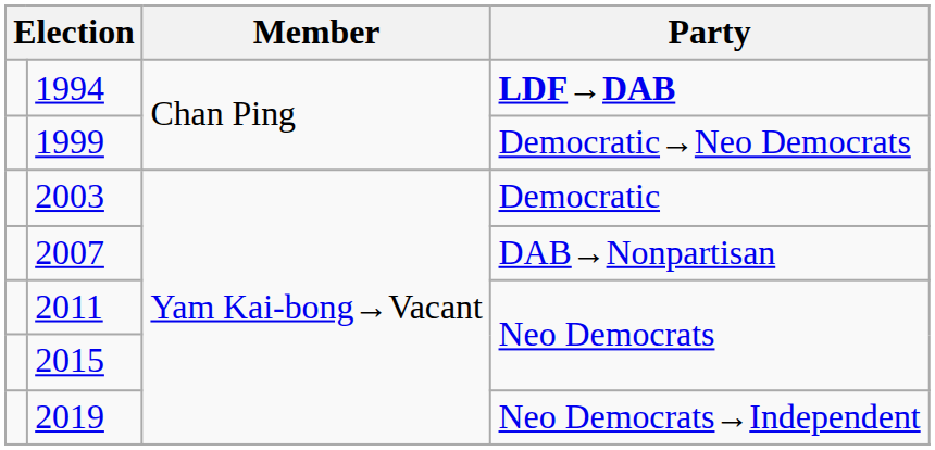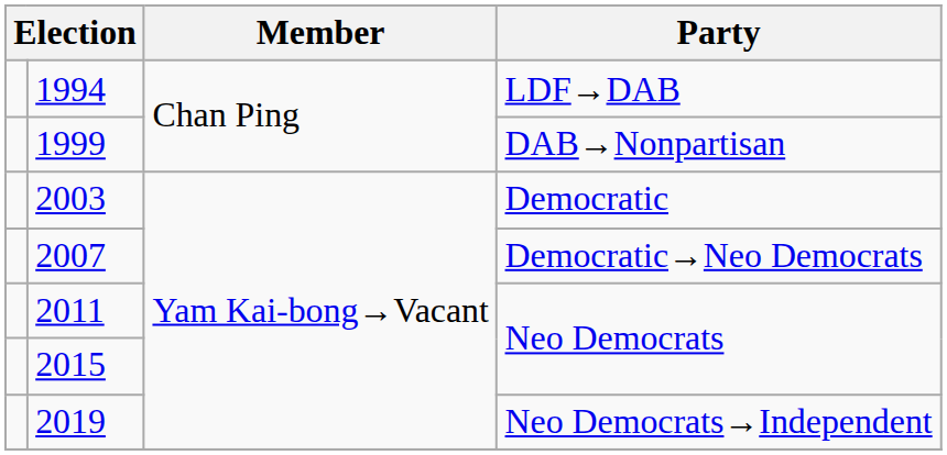 <table class="wikitable">
 <tr>
 <th colspan="2">Election</th>
 <th>Member</th>
 <th>Party</th>
 </tr>
 <tr>
 <td style="background-color: "></td>
 <td><a href='#'>1994</a></td>
 <td rowspan=2>Chan Ping</td>
-<td><strong><a href='#'>LDF</a>→<a href='#'>DAB</a></strong></td>
+<td><a href='#'>LDF</a>→<a href='#'>DAB</a></td>
 </tr>
 <tr>
 <td style="background-color: "></td>
 <td><a href='#'>1999</a></td>
-<td><a href='#'>Democratic</a>→<a href='#'>Neo Democrats</a></td>
+<td><a href='#'>DAB</a>→<a href='#'>Nonpartisan</a></td>
 </tr>
 <tr>
 <td style="background-color: "></td>
 <td><a href='#'>2003</a></td>
 <td rowspan=5><a href='#'>Yam Kai-bong</a>→Vacant</td>
 <td><a href='#'>Democratic</a></td>
 </tr>
 <tr>
 <td style="background-color: "></td>
 <td><a href='#'>2007</a></td>
-<td><a href='#'>DAB</a>→<a href='#'>Nonpartisan</a></td>
+<td><a href='#'>Democratic</a>→<a href='#'>Neo Democrats</a></td>
 </tr>
 <tr>
 <td style="background-color: "></td>
 <td><a href='#'>2011</a></td>
 <td rowspan=2><a href='#'>Neo Democrats</a></td>
 </tr>
 <tr>
 <td style="background-color: "></td>
 <td><a href='#'>2015</a></td>
 </tr>
 <tr>
 <td style="background-color: "></td>
 <td><a href='#'>2019</a></td>
 <td><a href='#'>Neo Democrats</a>→<a href='#'>Independent</a></td>
 </tr>
 <tr>
 </tr>
 </table>
